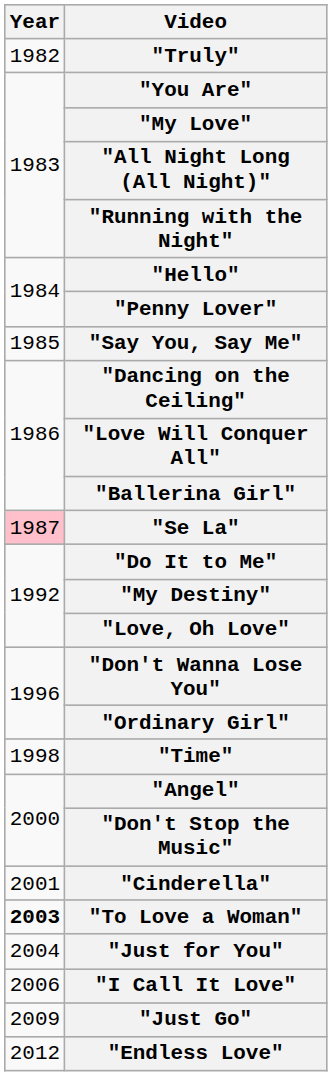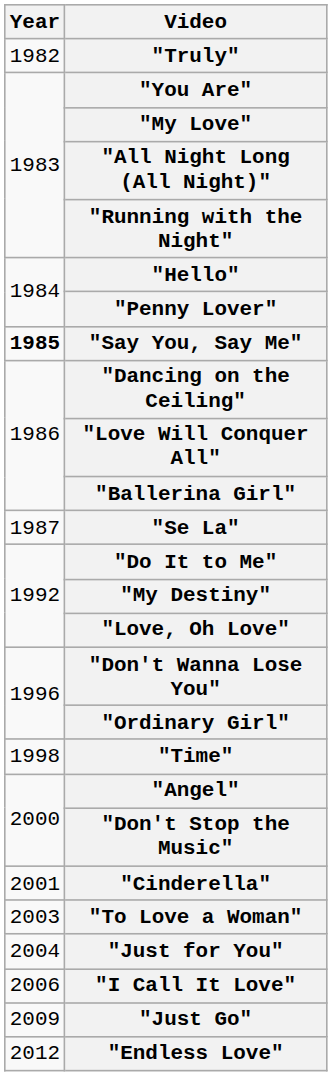 <table class="wikitable plainrowheaders">
 <tr>
 <th>Year</th>
 <th style="width:12em;">Video</th>
 </tr>
 <tr>
 <td>1982</td>
 <th scope="row">"Truly"</th>
 </tr>
 <tr>
 <td rowspan="4">1983</td>
 <th scope="row">"You Are"</th>
 </tr>
 <tr>
 <th scope="row">"My Love"</th>
 </tr>
 <tr>
 <th scope="row">"All Night Long (All Night)"</th>
 </tr>
 <tr>
 <th scope="row">"Running with the Night"</th>
 </tr>
 <tr>
 <td rowspan="2">1984</td>
 <th scope="row">"Hello"</th>
 </tr>
 <tr>
 <th scope="row">"Penny Lover"</th>
 </tr>
 <tr>
-<td>1985</td>
+<td><strong>1985</strong></td>
 <th scope="row">"Say You, Say Me"</th>
 </tr>
 <tr>
 <td rowspan="3">1986</td>
 <th scope="row">"Dancing on the Ceiling"</th>
 </tr>
 <tr>
 <th scope="row">"Love Will Conquer All"</th>
 </tr>
 <tr>
 <th scope="row">"Ballerina Girl"</th>
 </tr>
 <tr>
-<td style="background: pink;">1987</td>
+<td>1987</td>
 <th scope="row">"Se La"</th>
 </tr>
 <tr>
 <td rowspan="3">1992</td>
 <th scope="row">"Do It to Me"</th>
 </tr>
 <tr>
 <th scope="row">"My Destiny"</th>
 </tr>
 <tr>
 <th scope="row">"Love, Oh Love"</th>
 </tr>
 <tr>
 <td rowspan="2">1996</td>
 <th scope="row">"Don't Wanna Lose You"</th>
 </tr>
 <tr>
 <th scope="row">"Ordinary Girl"</th>
 </tr>
 <tr>
 <td>1998</td>
 <th scope="row">"Time"</th>
 </tr>
 <tr>
 <td rowspan="2">2000</td>
 <th scope="row">"Angel"</th>
 </tr>
 <tr>
 <th scope="row">"Don't Stop the Music"</th>
 </tr>
 <tr>
 <td>2001</td>
 <th scope="row">"Cinderella"</th>
 </tr>
 <tr>
-<td><strong>2003</strong></td>
+<td>2003</td>
 <th scope="row">"To Love a Woman"</th>
 </tr>
 <tr>
 <td>2004</td>
 <th scope="row">"Just for You"</th>
 </tr>
 <tr>
 <td>2006</td>
 <th scope="row">"I Call It Love"</th>
 </tr>
 <tr>
 <td>2009</td>
 <th scope="row">"Just Go"</th>
 </tr>
 <tr>
 <td>2012</td>
 <th scope="row">"Endless Love"</th>
 </tr>
 </table>
